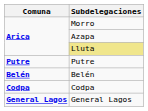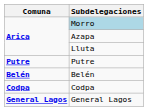 <table class="wikitable">
 <tr>
 <th>Comuna</th>
 <th>Subdelegaciones</th>
 </tr>
 <tr>
 <td rowspan=3><strong><a href='#'>Arica</a></strong></td>
-<td>Morro</td>
+<td style="background: lightblue;">Morro</td>
 </tr>
 <tr>
 <td>Azapa</td>
 </tr>
 <tr>
-<td style="background: khaki;">Lluta</td>
+<td>Lluta</td>
 </tr>
 <tr>
 <td rowspan=1><strong><a href='#'>Putre</a></strong></td>
 <td>Putre</td>
 </tr>
 <tr>
 <td rowspan=1><strong><a href='#'>Belén</a></strong></td>
 <td>Belén</td>
 </tr>
 <tr>
 <td rowspan=1><strong><a href='#'>Codpa</a></strong></td>
 <td>Codpa</td>
 </tr>
 <tr>
 <td rowspan=1><strong><a href='#'>General Lagos</a></strong></td>
 <td>General Lagos</td>
 </tr>
 </table>
